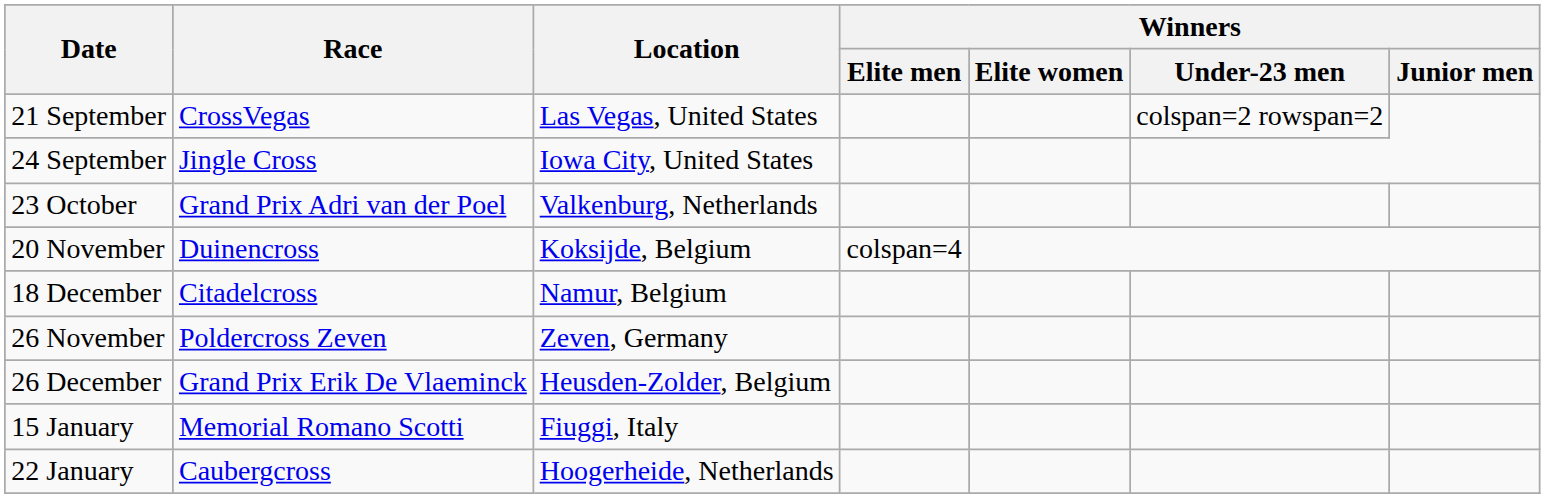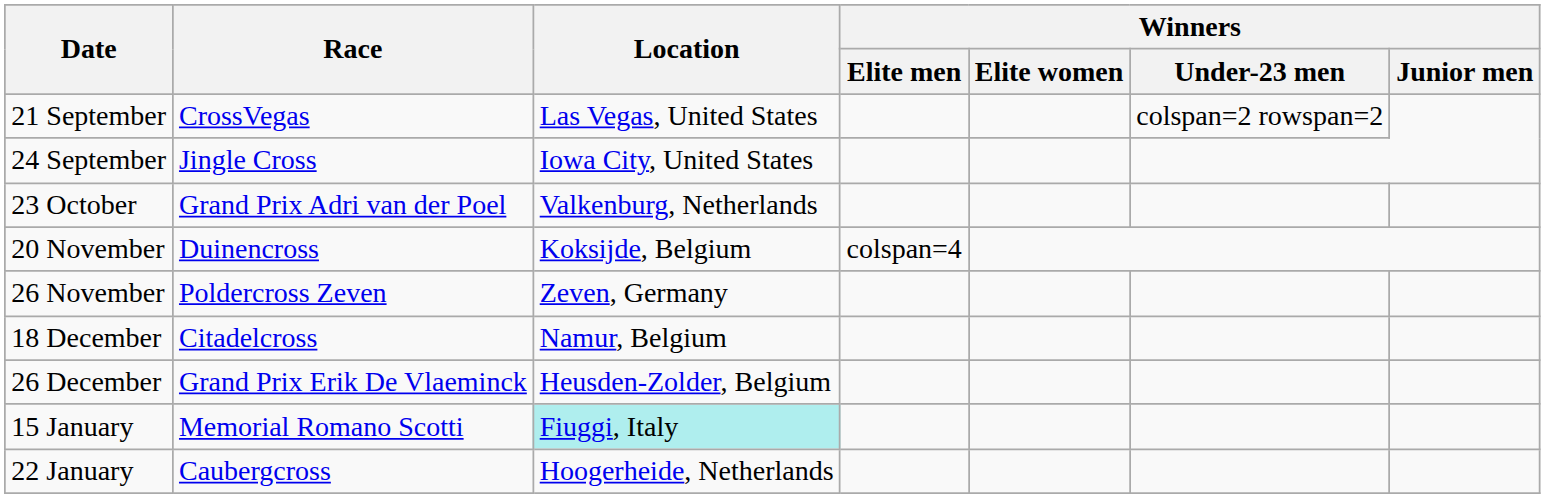 <table class="wikitable">
 <tr>
 <th rowspan=2>Date</th>
 <th rowspan=2>Race</th>
 <th rowspan=2>Location</th>
 <th colspan=4>Winners</th>
 </tr>
 <tr>
 <th>Elite men</th>
 <th>Elite women</th>
 <th>Under-23 men</th>
 <th>Junior men</th>
 </tr>
 <tr>
 <td>21 September</td>
 <td><a href='#'>CrossVegas</a></td>
 <td> <a href='#'>Las Vegas</a>, United States</td>
 <td></td>
 <td></td>
 <td>colspan=2 rowspan=2 </td>
 </tr>
 <tr>
 <td>24 September</td>
 <td><a href='#'>Jingle Cross</a></td>
 <td> <a href='#'>Iowa City</a>, United States</td>
 <td></td>
 <td></td>
 </tr>
 <tr>
 <td>23 October</td>
 <td><a href='#'>Grand Prix Adri van der Poel</a></td>
 <td> <a href='#'>Valkenburg</a>, Netherlands</td>
 <td></td>
 <td></td>
 <td></td>
 <td></td>
 </tr>
 <tr>
 <td>20 November</td>
 <td><a href='#'>Duinencross</a></td>
 <td> <a href='#'>Koksijde</a>, Belgium</td>
 <td>colspan=4 </td>
 </tr>
 <tr>
-<td>18 December</td>
-<td><a href='#'>Citadelcross</a></td>
-<td> <a href='#'>Namur</a>, Belgium</td>
+<td>26 November</td>
+<td><a href='#'>Poldercross Zeven</a></td>
+<td> <a href='#'>Zeven</a>, Germany</td>
 <td></td>
 <td></td>
 <td></td>
 <td></td>
 </tr>
 <tr>
-<td>26 November</td>
-<td><a href='#'>Poldercross Zeven</a></td>
-<td> <a href='#'>Zeven</a>, Germany</td>
+<td>18 December</td>
+<td><a href='#'>Citadelcross</a></td>
+<td> <a href='#'>Namur</a>, Belgium</td>
 <td></td>
 <td></td>
 <td></td>
 <td></td>
 </tr>
 <tr>
 <td>26 December</td>
 <td><a href='#'>Grand Prix Erik De Vlaeminck</a></td>
 <td> <a href='#'>Heusden-Zolder</a>, Belgium</td>
 <td></td>
 <td></td>
 <td></td>
 <td></td>
 </tr>
 <tr>
 <td>15 January</td>
 <td><a href='#'>Memorial Romano Scotti</a></td>
-<td> <a href='#'>Fiuggi</a>, Italy</td>
+<td style="background: paleturquoise;"> <a href='#'>Fiuggi</a>, Italy</td>
 <td></td>
 <td></td>
 <td></td>
 <td></td>
 </tr>
 <tr>
 <td>22 January</td>
 <td><a href='#'>Caubergcross</a></td>
 <td> <a href='#'>Hoogerheide</a>, Netherlands</td>
 <td></td>
 <td></td>
 <td></td>
 <td></td>
 </tr>
 </table>
